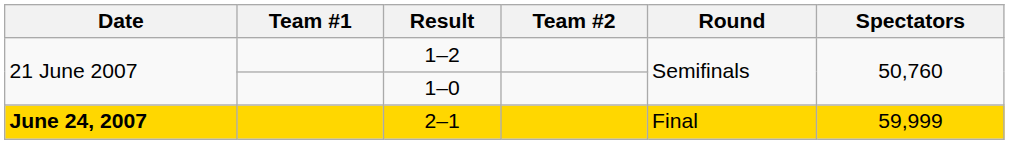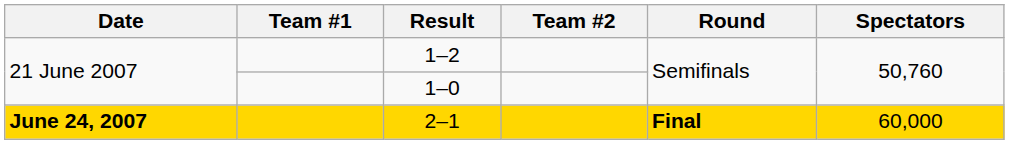 <table class="wikitable" style="text-align:left; width:60%;">
 <tr>
 <th style="text-align:center;">Date</th>
 <th style="text-align:center;">Team #1</th>
 <th style="text-align:center;">Result</th>
 <th style="text-align:center;">Team #2</th>
 <th style="text-align:center;">Round</th>
 <th style="text-align:center;">Spectators</th>
 </tr>
 <tr>
 <td rowspan=2>21 June 2007</td>
 <td></td>
 <td style="text-align:center;">1–2</td>
 <td><strong></strong></td>
 <td rowspan=2>Semifinals</td>
 <td rowspan=2 style="text-align:center;">50,760</td>
 </tr>
 <tr>
 <td><strong></strong></td>
 <td style="text-align:center;">1–0</td>
 <td></td>
 </tr>
 <tr style="background:gold;">
 <td><strong>June 24, 2007</strong></td>
 <td><strong></strong></td>
 <td style="text-align:center;">2–1</td>
 <td></td>
-<td>Final</td>
-<td style="text-align:center;">59,999</td>
+<td><strong>Final</strong></td>
+<td style="text-align:center;">60,000</td>
 </tr>
 </table>
